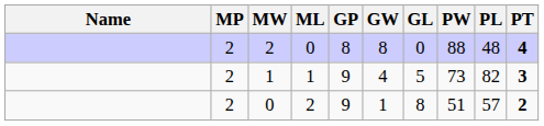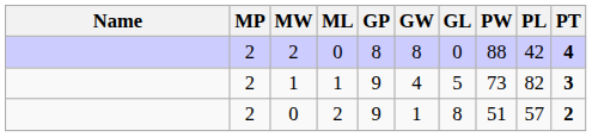 <table class=wikitable style="text-align:center">
 <tr>
 <th width=175>Name</th>
 <th width=20>MP</th>
 <th width=20>MW</th>
 <th width=20>ML</th>
 <th width=20>GP</th>
 <th width=20>GW</th>
 <th width=20>GL</th>
 <th width=20>PW</th>
 <th width=20>PL</th>
 <th width=20>PT</th>
 </tr>
 <tr style="background-color:#ccccff;">
 <td style="text-align:left;"><strong></strong></td>
 <td>2</td>
 <td>2</td>
 <td>0</td>
 <td>8</td>
 <td>8</td>
 <td>0</td>
 <td>88</td>
-<td>48</td>
+<td>42</td>
 <td><strong>4</strong></td>
 </tr>
 <tr>
 <td style="text-align:left;"></td>
 <td>2</td>
 <td>1</td>
 <td>1</td>
 <td>9</td>
 <td>4</td>
 <td>5</td>
 <td>73</td>
 <td>82</td>
 <td><strong>3</strong></td>
 </tr>
 <tr>
 <td style="text-align:left;"></td>
 <td>2</td>
 <td>0</td>
 <td>2</td>
 <td>9</td>
 <td>1</td>
 <td>8</td>
 <td>51</td>
 <td>57</td>
 <td><strong>2</strong></td>
 </tr>
 </table>
